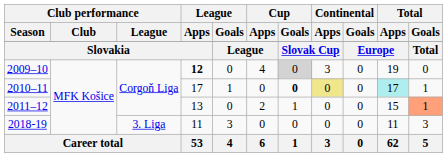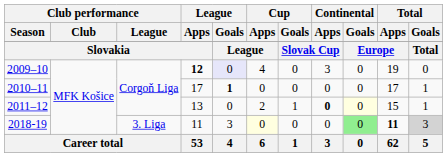 <table class="wikitable" style="text-align:center">
 <tr>
 <th colspan=3>Club performance</th>
 <th colspan=2>League</th>
 <th colspan=2>Cup</th>
 <th colspan=2>Continental</th>
 <th colspan=2>Total</th>
 </tr>
 <tr>
 <th>Season</th>
 <th>Club</th>
 <th>League</th>
 <th>Apps</th>
 <th>Goals</th>
 <th>Apps</th>
 <th>Goals</th>
 <th>Apps</th>
 <th>Goals</th>
 <th>Apps</th>
 <th>Goals</th>
 </tr>
 <tr>
 </tr>
 <tr>
 <th colspan=4>Slovakia</th>
 <th colspan=2>League</th>
 <th colspan=2><a href='#'>Slovak Cup</a></th>
 <th colspan=2><a href='#'>Europe</a></th>
 <th colspan=2>Total</th>
 </tr>
 <tr>
 <td><a href='#'>2009–10</a></td>
 <td rowspan="4"><a href='#'>MFK Košice</a></td>
 <td rowspan="3"><a href='#'>Corgoň Liga</a></td>
 <td><strong>12</strong></td>
+<td style="background: lavender;">0</td>
+<td>4</td>
 <td>0</td>
-<td>4</td>
-<td style="background: lightgrey;">0</td>
 <td>3</td>
 <td>0</td>
 <td>19</td>
 <td>0</td>
 </tr>
 <tr>
 <td><a href='#'>2010–11</a></td>
 <td>17</td>
-<td>1</td>
+<td><strong>1</strong></td>
 <td>0</td>
-<td><strong>0</strong></td>
-<td style="background: khaki;">0</td>
 <td>0</td>
-<td style="background: paleturquoise;">17</td>
+<td>0</td>
+<td>0</td>
+<td>17</td>
 <td>1</td>
 </tr>
 <tr>
 <td><a href='#'>2011–12</a></td>
 <td>13</td>
 <td>0</td>
 <td>2</td>
 <td>1</td>
-<td>0</td>
-<td>0</td>
+<td><strong>0</strong></td>
+<td style="background: lightyellow;">0</td>
 <td>15</td>
-<td style="background: lightsalmon;">1</td>
+<td>1</td>
 </tr>
 <tr>
 <td><a href='#'>2018-19</a></td>
 <td><a href='#'>3. Liga</a></td>
 <td>11</td>
 <td>3</td>
+<td style="background: lightyellow;">0</td>
 <td>0</td>
 <td>0</td>
-<td>0</td>
-<td>0</td>
-<td>11</td>
-<td>3</td>
+<td style="background: lightgreen;">0</td>
+<td><strong>11</strong></td>
+<td style="background: lightgrey;">3</td>
 </tr>
 <tr>
 <th colspan=3>Career total</th>
 <th>53</th>
 <th>4</th>
 <th>6</th>
 <th>1</th>
 <th>3</th>
 <th>0</th>
 <th>62</th>
 <th>5</th>
 </tr>
 </table>
